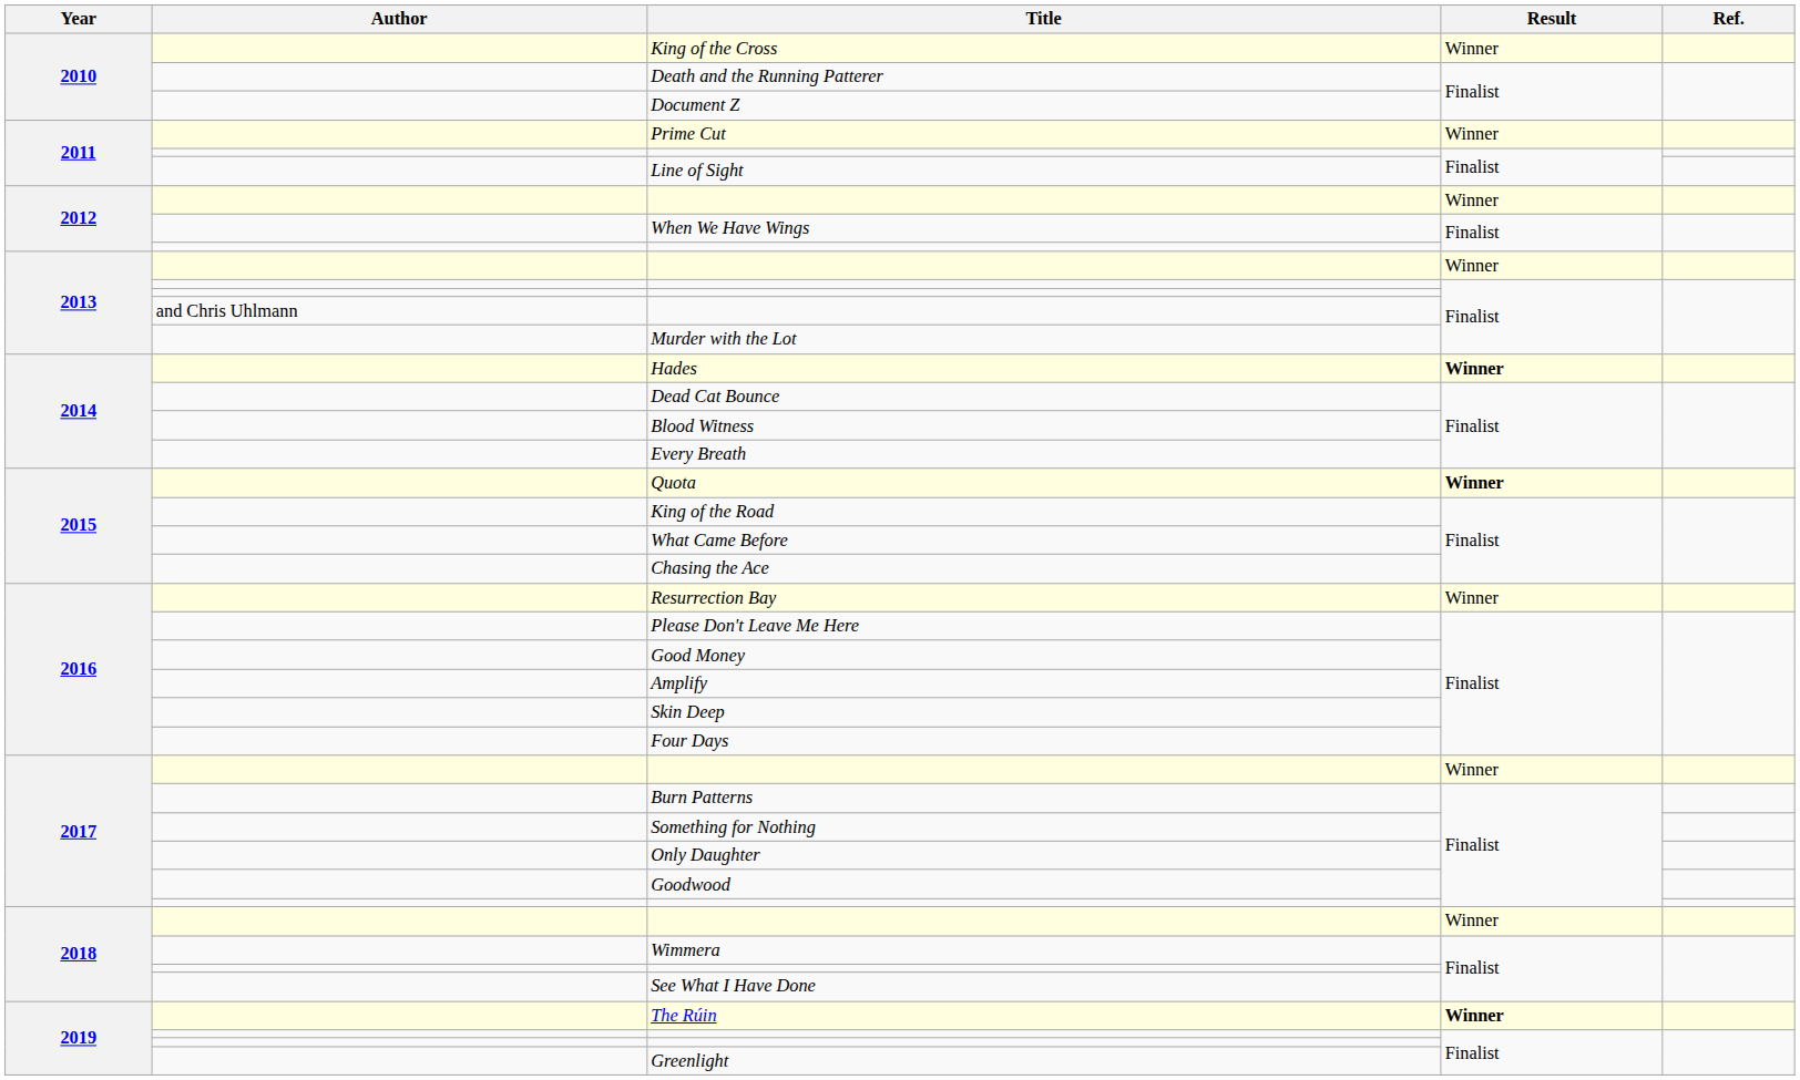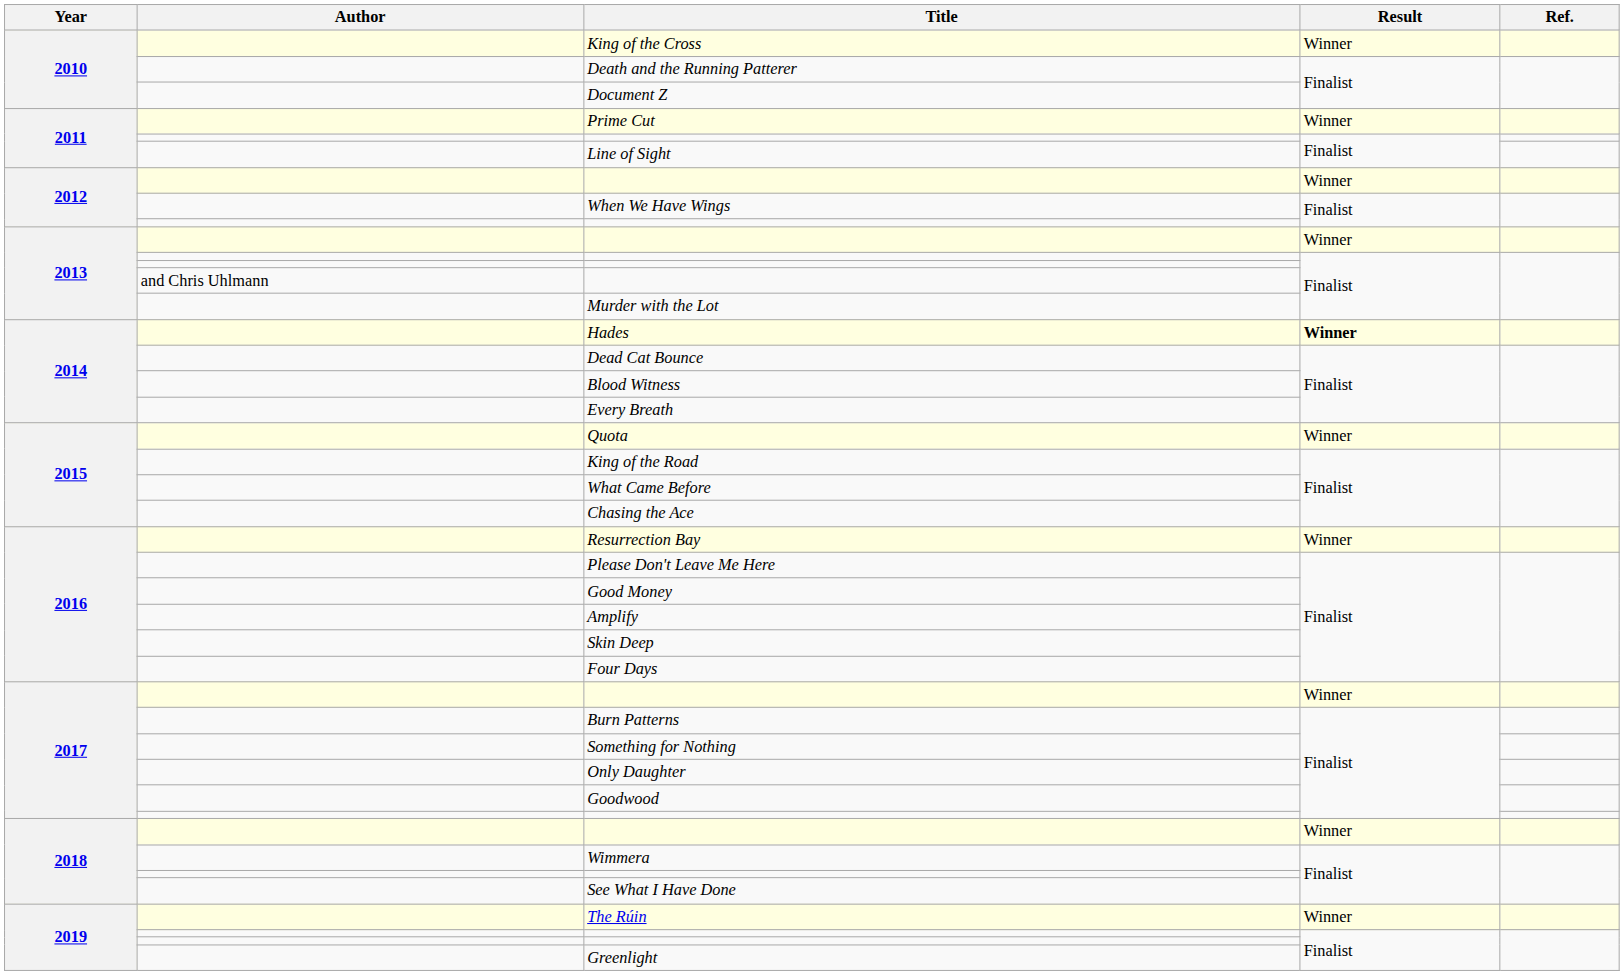 <table class="wikitable" width=100%>
 <tr>
 <th scope=col>Year</th>
 <th scope=col>Author</th>
 <th scope=col>Title</th>
 <th scope=col>Result</th>
 <th scope=col>Ref.</th>
 </tr>
 <tr style="background:lightyellow;">
 <th rowspan="3"><a href='#'>2010</a></th>
 <td></td>
 <td><em>King of the Cross</em></td>
 <td>Winner</td>
 <td></td>
 </tr>
 <tr>
 <td></td>
 <td><em>Death and the Running Patterer</em></td>
 <td rowspan="2">Finalist</td>
 <td rowspan="2"></td>
 </tr>
 <tr>
 <td></td>
 <td><em>Document Z</em></td>
 </tr>
 <tr style="background:lightyellow;">
 <th rowspan="3"><a href='#'>2011</a></th>
 <td></td>
 <td><em>Prime Cut</em></td>
 <td>Winner</td>
 <td></td>
 </tr>
 <tr>
 <td></td>
 <td><em></em></td>
 <td rowspan="2">Finalist</td>
 <td></td>
 </tr>
 <tr>
 <td></td>
 <td><em>Line of Sight</em></td>
 <td></td>
 </tr>
 <tr style="background:lightyellow;">
 <th rowspan="3"><a href='#'>2012</a></th>
 <td></td>
 <td><em></em></td>
 <td>Winner</td>
 <td></td>
 </tr>
 <tr>
 <td></td>
 <td><em>When We Have Wings</em></td>
 <td rowspan="2">Finalist</td>
 <td rowspan="2"></td>
 </tr>
 <tr>
 <td></td>
 <td><em></em></td>
 </tr>
 <tr style="background:lightyellow;">
 <th rowspan="5"><a href='#'>2013</a></th>
 <td></td>
 <td><em></em></td>
 <td>Winner</td>
 <td></td>
 </tr>
 <tr>
 <td></td>
 <td><em></em></td>
 <td rowspan="4">Finalist</td>
 <td rowspan="4"></td>
 </tr>
 <tr>
 <td></td>
 <td><em></em></td>
 </tr>
 <tr>
 <td> and  Chris Uhlmann</td>
 <td><em></em></td>
 </tr>
 <tr>
 <td></td>
 <td><em>Murder with the Lot</em></td>
 </tr>
 <tr style="background:lightyellow;">
 <th rowspan="4"><a href='#'>2014</a></th>
 <td></td>
 <td><em>Hades</em></td>
 <td><strong>Winner</strong></td>
 <td></td>
 </tr>
 <tr>
 <td></td>
 <td><em>Dead Cat Bounce</em></td>
 <td rowspan="3">Finalist</td>
 <td rowspan="3"></td>
 </tr>
 <tr>
 <td></td>
 <td><em>Blood Witness</em></td>
 </tr>
 <tr>
 <td></td>
 <td><em>Every Breath</em></td>
 </tr>
 <tr style="background:lightyellow;">
 <th rowspan="4"><a href='#'>2015</a></th>
 <td></td>
 <td><em>Quota</em></td>
-<td><strong>Winner</strong></td>
+<td>Winner</td>
 <td></td>
 </tr>
 <tr>
 <td></td>
 <td><em>King of the Road</em></td>
 <td rowspan="3">Finalist</td>
 <td rowspan="3"></td>
 </tr>
 <tr>
 <td></td>
 <td><em>What Came Before</em></td>
 </tr>
 <tr>
 <td></td>
 <td><em>Chasing the Ace</em></td>
 </tr>
 <tr style="background:lightyellow;">
 <th rowspan="6"><a href='#'>2016</a></th>
 <td></td>
 <td><em>Resurrection Bay</em></td>
 <td>Winner</td>
 <td></td>
 </tr>
 <tr>
 <td></td>
 <td><em>Please Don't Leave Me Here</em></td>
 <td rowspan="5">Finalist</td>
 <td rowspan="5"></td>
 </tr>
 <tr>
 <td></td>
 <td><em>Good Money</em></td>
 </tr>
 <tr>
 <td></td>
 <td><em>Amplify</em></td>
 </tr>
 <tr>
 <td></td>
 <td><em>Skin Deep</em></td>
 </tr>
 <tr>
 <td></td>
 <td><em>Four Days</em></td>
 </tr>
 <tr style="background:lightyellow;">
 <th rowspan="6"><a href='#'>2017</a></th>
 <td></td>
 <td><em></em></td>
 <td>Winner</td>
 <td></td>
 </tr>
 <tr>
 <td></td>
 <td><em>Burn Patterns</em></td>
 <td rowspan="5">Finalist</td>
 <td></td>
 </tr>
 <tr>
 <td></td>
 <td><em>Something for Nothing</em></td>
 <td></td>
 </tr>
 <tr>
 <td></td>
 <td><em>Only Daughter</em></td>
 <td></td>
 </tr>
 <tr>
 <td></td>
 <td><em>Goodwood</em></td>
 <td></td>
 </tr>
 <tr>
 <td></td>
 <td><em></em></td>
 <td></td>
 </tr>
 <tr style="background:lightyellow;">
 <th rowspan="4"><a href='#'>2018</a></th>
 <td></td>
 <td><em></em></td>
 <td>Winner</td>
 <td></td>
 </tr>
 <tr>
 <td></td>
 <td><em>Wimmera</em></td>
 <td rowspan="3">Finalist</td>
 <td rowspan="3"></td>
 </tr>
 <tr>
 <td></td>
 <td><em></em></td>
 </tr>
 <tr>
 <td></td>
 <td><em>See What I Have Done</em></td>
 </tr>
 <tr style="background:lightyellow;">
 <th rowspan="4"><a href='#'>2019</a></th>
 <td></td>
 <td><em><a href='#'>The Rúin</a></em></td>
-<td><strong>Winner</strong></td>
+<td>Winner</td>
 <td></td>
 </tr>
 <tr>
 <td></td>
 <td><em></em></td>
 <td rowspan="3">Finalist</td>
 <td rowspan="3"></td>
 </tr>
 <tr>
 <td></td>
 <td><em></em></td>
 </tr>
 <tr>
 <td></td>
 <td><em>Greenlight</em></td>
 </tr>
 </table>
